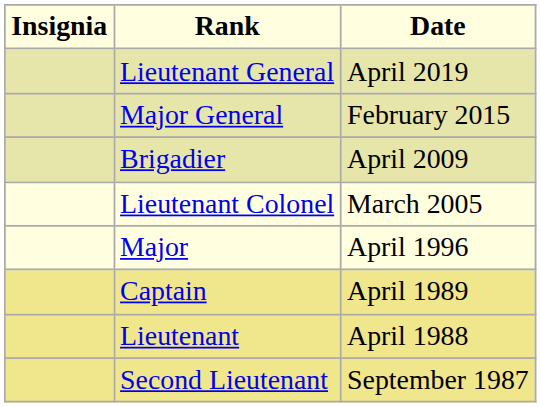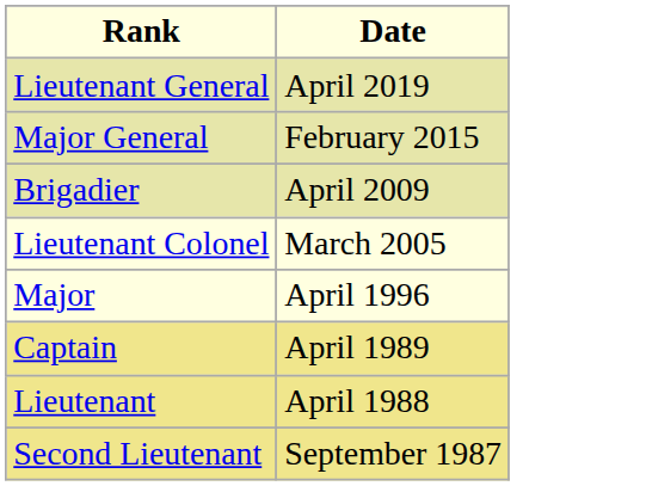 <table class="wikitable">
 <tr>
-<th style="background:#FFFFE0">Insignia</th>
 <th style="background:#FFFFE0">Rank</th>
 <th style="background:#FFFFE0">Date</th>
 </tr>
 <tr>
-<td style="background:#e6e6aa;"></td>
 <td style="background:#e6e6aa;"><a href='#'>Lieutenant General</a></td>
 <td style="background:#e6e6aa;">April 2019</td>
 </tr>
 <tr>
-<td style="background:#e6e6aa;"> </td>
 <td style="background:#e6e6aa;"><a href='#'>Major General</a></td>
 <td style="background:#e6e6aa;">February 2015</td>
 </tr>
 <tr>
-<td style="background:#e6e6aa;"></td>
 <td style="background:#e6e6aa;"><a href='#'>Brigadier</a></td>
 <td style="background:#e6e6aa;">April 2009</td>
 </tr>
 <tr>
-<td style="background:#FFFFE0"></td>
 <td style="background:#FFFFE0"><a href='#'>Lieutenant Colonel</a></td>
 <td style="background:#FFFFE0">March 2005</td>
 </tr>
 <tr>
-<td style="background:#FFFFE0"></td>
 <td style="background:#FFFFE0"><a href='#'>Major</a></td>
 <td style="background:#FFFFE0">April 1996</td>
 </tr>
 <tr>
-<td style="background:#F0E68C;"></td>
 <td style="background:#F0E68C;"><a href='#'>Captain</a></td>
 <td style="background:#F0E68C;">April 1989</td>
 </tr>
 <tr>
-<td style="background:#F0E68C;"></td>
 <td style="background:#F0E68C;"><a href='#'>Lieutenant</a></td>
 <td style="background:#F0E68C;">April 1988</td>
 </tr>
 <tr>
-<td style="background:#F0E68C;"></td>
 <td style="background:#F0E68C;"><a href='#'>Second Lieutenant</a></td>
 <td style="background:#F0E68C;">September 1987</td>
 </tr>
 </table>
